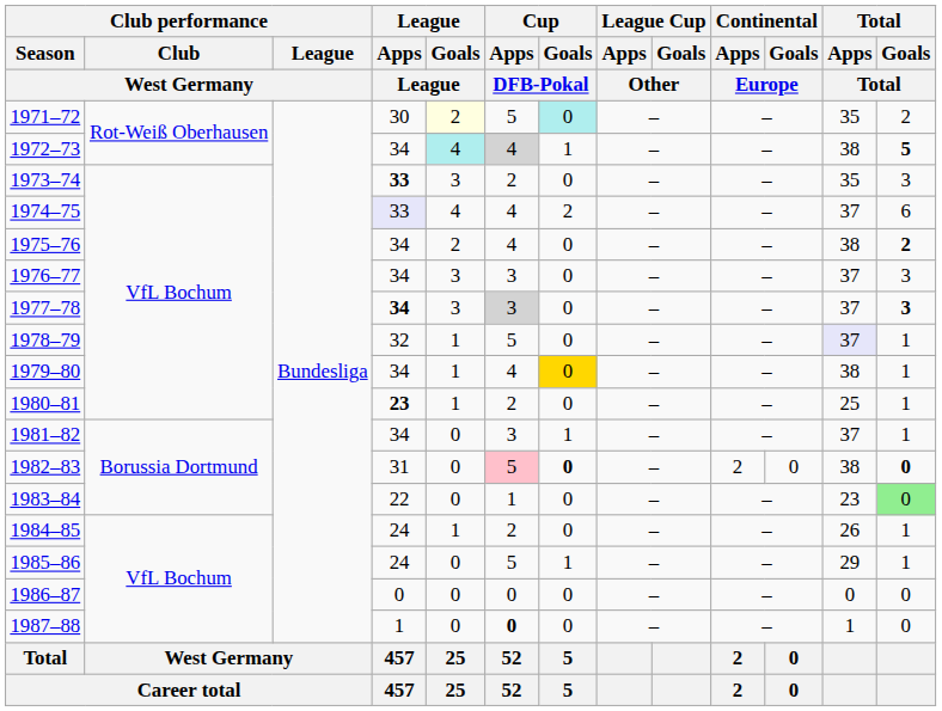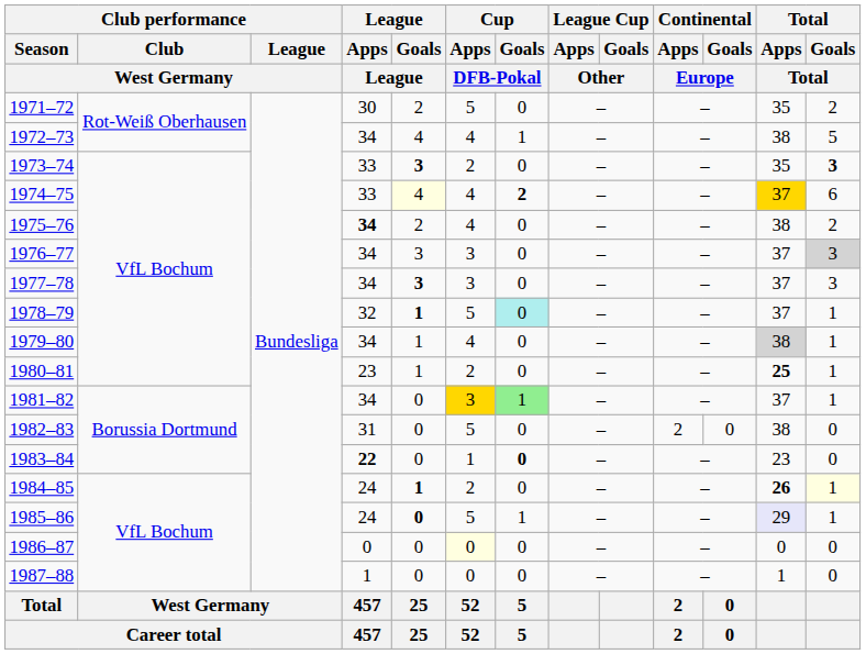 <table class="wikitable" style="text-align:center">
 <tr>
 <th colspan=3>Club performance</th>
 <th colspan=2>League</th>
 <th colspan=2>Cup</th>
 <th colspan=2>League Cup</th>
 <th colspan=2>Continental</th>
 <th colspan=2>Total</th>
 </tr>
 <tr>
 <th>Season</th>
 <th>Club</th>
 <th>League</th>
 <th>Apps</th>
 <th>Goals</th>
 <th>Apps</th>
 <th>Goals</th>
 <th>Apps</th>
 <th>Goals</th>
 <th>Apps</th>
 <th>Goals</th>
 <th>Apps</th>
 <th>Goals</th>
 </tr>
 <tr>
 <th colspan=3>West Germany</th>
 <th colspan=2>League</th>
 <th colspan=2><a href='#'>DFB-Pokal</a></th>
 <th colspan=2>Other</th>
 <th colspan=2><a href='#'>Europe</a></th>
 <th colspan=2>Total</th>
 </tr>
 <tr>
 <td><a href='#'>1971–72</a></td>
 <td rowspan="2"><a href='#'>Rot-Weiß Oberhausen</a></td>
 <td rowspan="17"><a href='#'>Bundesliga</a></td>
 <td>30</td>
-<td style="background: lightyellow;">2</td>
+<td>2</td>
 <td>5</td>
-<td style="background: paleturquoise;">0</td>
+<td>0</td>
 <td colspan="2">–</td>
 <td colspan="2">–</td>
 <td>35</td>
 <td>2</td>
 </tr>
 <tr>
 <td><a href='#'>1972–73</a></td>
 <td>34</td>
-<td style="background: paleturquoise;">4</td>
-<td style="background: lightgrey;">4</td>
+<td>4</td>
+<td>4</td>
 <td>1</td>
 <td colspan="2">–</td>
 <td colspan="2">–</td>
 <td>38</td>
-<td><strong>5</strong></td>
+<td>5</td>
 </tr>
 <tr>
 <td><a href='#'>1973–74</a></td>
 <td rowspan="8"><a href='#'>VfL Bochum</a></td>
-<td><strong>33</strong></td>
-<td>3</td>
+<td>33</td>
+<td><strong>3</strong></td>
 <td>2</td>
 <td>0</td>
 <td colspan="2">–</td>
 <td colspan="2">–</td>
 <td>35</td>
-<td>3</td>
+<td><strong>3</strong></td>
 </tr>
 <tr>
 <td><a href='#'>1974–75</a></td>
-<td style="background: lavender;">33</td>
+<td>33</td>
+<td style="background: lightyellow;">4</td>
 <td>4</td>
-<td>4</td>
-<td>2</td>
+<td><strong>2</strong></td>
 <td colspan="2">–</td>
 <td colspan="2">–</td>
-<td>37</td>
+<td style="background: gold;">37</td>
 <td>6</td>
 </tr>
 <tr>
 <td><a href='#'>1975–76</a></td>
-<td>34</td>
+<td><strong>34</strong></td>
 <td>2</td>
 <td>4</td>
 <td>0</td>
 <td colspan="2">–</td>
 <td colspan="2">–</td>
 <td>38</td>
-<td><strong>2</strong></td>
+<td>2</td>
 </tr>
 <tr>
 <td><a href='#'>1976–77</a></td>
 <td>34</td>
 <td>3</td>
 <td>3</td>
 <td>0</td>
 <td colspan="2">–</td>
 <td colspan="2">–</td>
 <td>37</td>
-<td>3</td>
+<td style="background: lightgrey;">3</td>
 </tr>
 <tr>
 <td><a href='#'>1977–78</a></td>
-<td><strong>34</strong></td>
+<td>34</td>
+<td><strong>3</strong></td>
 <td>3</td>
-<td style="background: lightgrey;">3</td>
 <td>0</td>
 <td colspan="2">–</td>
 <td colspan="2">–</td>
 <td>37</td>
-<td><strong>3</strong></td>
+<td>3</td>
 </tr>
 <tr>
 <td><a href='#'>1978–79</a></td>
 <td>32</td>
-<td>1</td>
+<td><strong>1</strong></td>
 <td>5</td>
-<td>0</td>
+<td style="background: paleturquoise;">0</td>
 <td colspan="2">–</td>
 <td colspan="2">–</td>
-<td style="background: lavender;">37</td>
+<td>37</td>
 <td>1</td>
 </tr>
 <tr>
 <td><a href='#'>1979–80</a></td>
 <td>34</td>
 <td>1</td>
 <td>4</td>
-<td style="background: gold;">0</td>
+<td>0</td>
 <td colspan="2">–</td>
 <td colspan="2">–</td>
-<td>38</td>
+<td style="background: lightgrey;">38</td>
 <td>1</td>
 </tr>
 <tr>
 <td><a href='#'>1980–81</a></td>
-<td><strong>23</strong></td>
+<td>23</td>
 <td>1</td>
 <td>2</td>
 <td>0</td>
 <td colspan="2">–</td>
 <td colspan="2">–</td>
-<td>25</td>
+<td><strong>25</strong></td>
 <td>1</td>
 </tr>
 <tr>
 <td><a href='#'>1981–82</a></td>
 <td rowspan="3"><a href='#'>Borussia Dortmund</a></td>
 <td>34</td>
 <td>0</td>
-<td>3</td>
-<td>1</td>
+<td style="background: gold;">3</td>
+<td style="background: lightgreen;">1</td>
 <td colspan="2">–</td>
 <td colspan="2">–</td>
 <td>37</td>
 <td>1</td>
 </tr>
 <tr>
 <td><a href='#'>1982–83</a></td>
 <td>31</td>
 <td>0</td>
-<td style="background: pink;">5</td>
-<td><strong>0</strong></td>
+<td>5</td>
+<td>0</td>
 <td colspan="2">–</td>
 <td>2</td>
 <td>0</td>
 <td>38</td>
-<td><strong>0</strong></td>
+<td>0</td>
 </tr>
 <tr>
 <td><a href='#'>1983–84</a></td>
-<td>22</td>
+<td><strong>22</strong></td>
 <td>0</td>
 <td>1</td>
-<td>0</td>
+<td><strong>0</strong></td>
 <td colspan="2">–</td>
 <td colspan="2">–</td>
 <td>23</td>
-<td style="background: lightgreen;">0</td>
+<td>0</td>
 </tr>
 <tr>
 <td><a href='#'>1984–85</a></td>
 <td rowspan="4"><a href='#'>VfL Bochum</a></td>
 <td>24</td>
-<td>1</td>
+<td><strong>1</strong></td>
 <td>2</td>
 <td>0</td>
 <td colspan="2">–</td>
 <td colspan="2">–</td>
-<td>26</td>
-<td>1</td>
+<td><strong>26</strong></td>
+<td style="background: lightyellow;">1</td>
 </tr>
 <tr>
 <td><a href='#'>1985–86</a></td>
 <td>24</td>
-<td>0</td>
+<td><strong>0</strong></td>
 <td>5</td>
 <td>1</td>
 <td colspan="2">–</td>
 <td colspan="2">–</td>
-<td>29</td>
+<td style="background: lavender;">29</td>
 <td>1</td>
 </tr>
 <tr>
 <td><a href='#'>1986–87</a></td>
 <td>0</td>
 <td>0</td>
-<td>0</td>
+<td style="background: lightyellow;">0</td>
 <td>0</td>
 <td colspan="2">–</td>
 <td colspan="2">–</td>
 <td>0</td>
 <td>0</td>
 </tr>
 <tr>
 <td><a href='#'>1987–88</a></td>
 <td>1</td>
 <td>0</td>
-<td><strong>0</strong></td>
+<td>0</td>
 <td>0</td>
 <td colspan="2">–</td>
 <td colspan="2">–</td>
 <td>1</td>
 <td>0</td>
 </tr>
 <tr>
 <th rowspan=1>Total</th>
 <th colspan=2>West Germany</th>
 <th>457</th>
 <th>25</th>
 <th>52</th>
 <th>5</th>
 <th></th>
 <th></th>
 <th>2</th>
 <th>0</th>
 <th></th>
 <th></th>
 </tr>
 <tr>
 <th colspan=3>Career total</th>
 <th>457</th>
 <th>25</th>
 <th>52</th>
 <th>5</th>
 <th></th>
 <th></th>
 <th>2</th>
 <th>0</th>
 <th></th>
 <th></th>
 </tr>
 </table>
